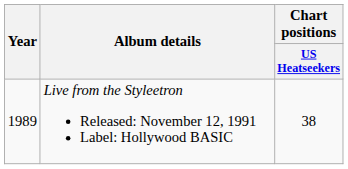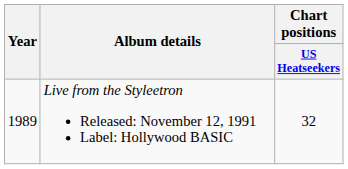 <table class="wikitable" style=text-align:center;>
 <tr>
 <th rowspan="2">Year</th>
 <th rowspan="2" style="width:250px;">Album details</th>
 <th colspan="1">Chart positions</th>
 </tr>
 <tr style="font-size:smaller;">
 <th width="35"><a href='#'>US Heatseekers</a></th>
 </tr>
 <tr>
 <td>1989</td>
 <td align=left><em>Live from the Styleetron</em><br><ul><li>Released: November 12, 1991</li><li>Label: Hollywood BASIC</li></ul></td>
-<td>38</td>
+<td>32</td>
 </tr>
 </table>
